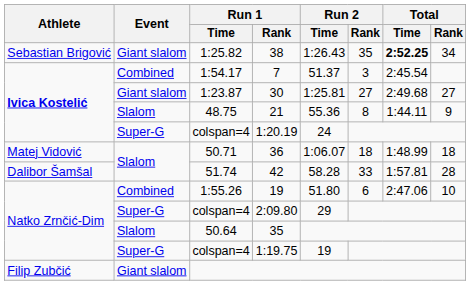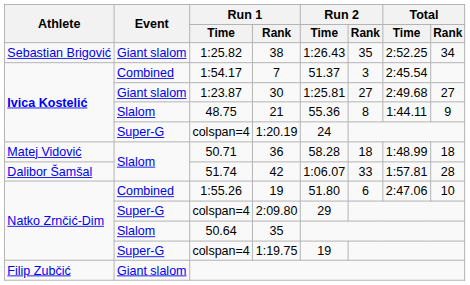 <table class="wikitable" style="font-size:90%">
 <tr>
 <th rowspan=2>Athlete</th>
 <th rowspan=2>Event</th>
 <th colspan=2>Run 1</th>
 <th colspan=2>Run 2</th>
 <th colspan=2>Total</th>
 </tr>
 <tr style="font-size:95%">
 <th>Time</th>
 <th>Rank</th>
 <th>Time</th>
 <th>Rank</th>
 <th>Time</th>
 <th>Rank</th>
 </tr>
 <tr align=center>
 <td align=left><a href='#'>Sebastian Brigović</a></td>
 <td align=left><a href='#'>Giant slalom</a></td>
 <td>1:25.82</td>
 <td>38</td>
 <td>1:26.43</td>
 <td>35</td>
-<td><strong>2:52.25</strong></td>
+<td>2:52.25</td>
 <td>34</td>
 </tr>
 <tr align=center>
 <td align=left rowspan=4><strong><a href='#'>Ivica Kostelić</a></strong></td>
 <td align=left><a href='#'>Combined</a></td>
 <td>1:54.17</td>
 <td>7</td>
 <td>51.37</td>
 <td>3</td>
 <td>2:45.54</td>
 <td></td>
 </tr>
 <tr align=center>
 <td align=left><a href='#'>Giant slalom</a></td>
 <td>1:23.87</td>
 <td>30</td>
 <td>1:25.81</td>
 <td>27</td>
 <td>2:49.68</td>
 <td>27</td>
 </tr>
 <tr align=center>
 <td align=left><a href='#'>Slalom</a></td>
 <td>48.75</td>
 <td>21</td>
 <td>55.36</td>
 <td>8</td>
 <td>1:44.11</td>
 <td>9</td>
 </tr>
 <tr align=center>
 <td align=left><a href='#'>Super-G</a></td>
 <td>colspan=4 </td>
 <td>1:20.19</td>
 <td>24</td>
 </tr>
 <tr align=center>
 <td align=left><a href='#'>Matej Vidović</a></td>
 <td align=left rowspan=2><a href='#'>Slalom</a></td>
 <td>50.71</td>
 <td>36</td>
-<td>1:06.07</td>
+<td>58.28</td>
 <td>18</td>
 <td>1:48.99</td>
 <td>18</td>
 </tr>
 <tr align=center>
 <td align=left><a href='#'>Dalibor Šamšal</a></td>
 <td>51.74</td>
 <td>42</td>
-<td>58.28</td>
+<td>1:06.07</td>
 <td>33</td>
 <td>1:57.81</td>
 <td>28</td>
 </tr>
 <tr align=center>
 <td align=left rowspan=4><a href='#'>Natko Zrnčić-Dim</a></td>
 <td align=left><a href='#'>Combined</a></td>
 <td>1:55.26</td>
 <td>19</td>
 <td>51.80</td>
 <td>6</td>
 <td>2:47.06</td>
 <td>10</td>
 </tr>
 <tr align=center>
 <td align=left><a href='#'>Super-G</a></td>
 <td>colspan=4 </td>
 <td>2:09.80</td>
 <td>29</td>
 </tr>
 <tr align=center>
 <td align=left><a href='#'>Slalom</a></td>
 <td>50.64</td>
 <td>35</td>
 <td colspan=4></td>
 </tr>
 <tr align=center>
 <td align=left><a href='#'>Super-G</a></td>
 <td>colspan=4 </td>
 <td>1:19.75</td>
 <td>19</td>
 </tr>
 <tr align=center>
 <td align=left><a href='#'>Filip Zubčić</a></td>
 <td align=left><a href='#'>Giant slalom</a></td>
 <td colspan=6></td>
 </tr>
 </table>
